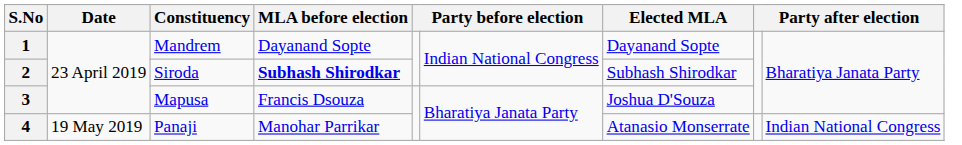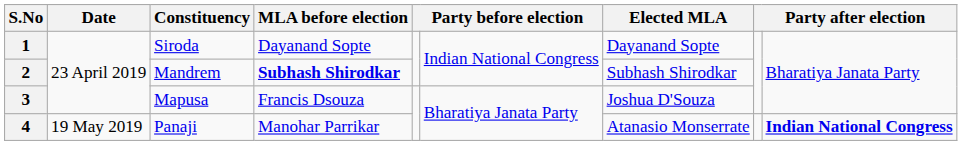 <table class="wikitable sortable">
 <tr>
 <th>S.No</th>
 <th>Date</th>
 <th>Constituency</th>
 <th>MLA before election</th>
 <th colspan="2">Party before election</th>
 <th>Elected MLA</th>
 <th colspan="2">Party after election</th>
 </tr>
 <tr>
 <th>1</th>
 <td rowspan="3">23 April 2019</td>
-<td><a href='#'>Mandrem</a></td>
+<td><a href='#'>Siroda</a></td>
 <td><a href='#'>Dayanand Sopte</a></td>
 <td rowspan="2"></td>
 <td rowspan="2"><a href='#'>Indian National Congress</a></td>
 <td><a href='#'>Dayanand Sopte</a></td>
 <td rowspan="3"></td>
 <td rowspan="3"><a href='#'>Bharatiya Janata Party</a></td>
 </tr>
 <tr>
 <th>2</th>
-<td><a href='#'>Siroda</a></td>
+<td><a href='#'>Mandrem</a></td>
 <td><strong><a href='#'>Subhash Shirodkar</a></strong></td>
 <td><a href='#'>Subhash Shirodkar</a></td>
 </tr>
 <tr>
 <th>3</th>
 <td><a href='#'>Mapusa</a></td>
 <td><a href='#'>Francis Dsouza</a></td>
 <td rowspan="2"></td>
 <td rowspan="2"><a href='#'>Bharatiya Janata Party</a></td>
 <td><a href='#'>Joshua D'Souza</a></td>
 </tr>
 <tr>
 <th>4</th>
 <td>19 May 2019</td>
 <td><a href='#'>Panaji</a></td>
 <td><a href='#'>Manohar Parrikar</a></td>
 <td><a href='#'>Atanasio Monserrate</a></td>
 <td></td>
-<td><a href='#'>Indian National Congress</a></td>
+<td><strong><a href='#'>Indian National Congress</a></strong></td>
 </tr>
 </table>
